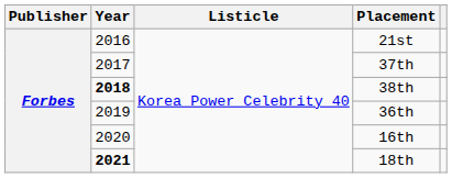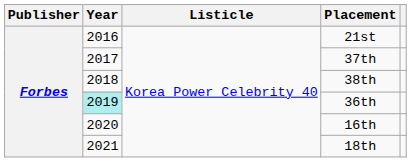 <table class="wikitable plainrowheaders sortable">
 <tr>
 <th scope="col">Publisher</th>
 <th scope="col">Year</th>
 <th scope="col">Listicle</th>
 <th scope="col">Placement</th>
 <th scope="col" class="unsortable"></th>
 </tr>
 <tr>
 <th scope="row" rowspan="6"><em><a href='#'>Forbes</a></em></th>
 <td>2016</td>
 <td rowspan="6"><a href='#'>Korea Power Celebrity 40</a></td>
 <td style="text-align:center">21st</td>
 <td style="text-align:center"></td>
 </tr>
 <tr>
 <td>2017</td>
 <td style="text-align:center">37th</td>
 <td style="text-align:center"></td>
 </tr>
 <tr>
-<td><strong>2018</strong></td>
+<td>2018</td>
 <td style="text-align:center">38th</td>
 <td style="text-align:center"></td>
 </tr>
 <tr>
-<td>2019</td>
+<td style="background: paleturquoise;">2019</td>
 <td style="text-align:center">36th</td>
 <td style="text-align:center"></td>
 </tr>
 <tr>
 <td>2020</td>
 <td style="text-align:center">16th</td>
 <td style="text-align:center"></td>
 </tr>
 <tr>
-<td><strong>2021</strong></td>
+<td>2021</td>
 <td style="text-align:center">18th</td>
 <td style="text-align:center"></td>
 </tr>
 </table>
